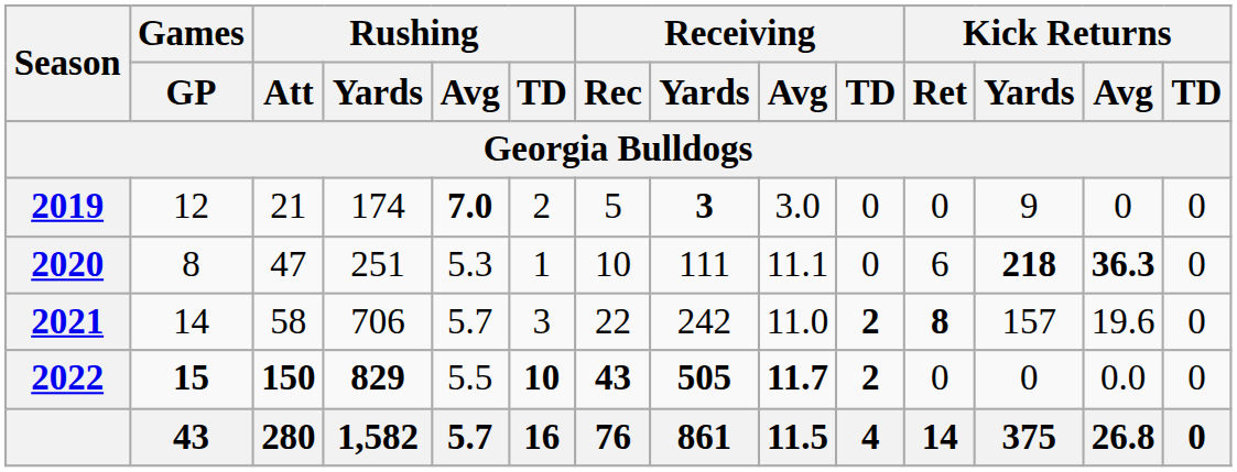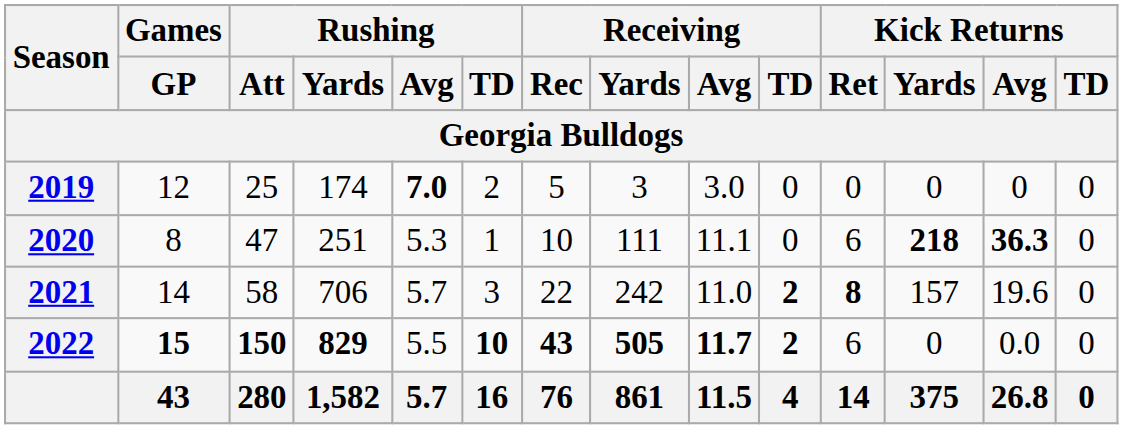 <table class="wikitable" style="text-align:center;">
 <tr>
 <th rowspan="2">Season</th>
 <th>Games</th>
 <th colspan="4">Rushing</th>
 <th colspan="4">Receiving</th>
 <th colspan="4">Kick Returns</th>
 </tr>
 <tr>
 <th>GP</th>
 <th>Att</th>
 <th>Yards</th>
 <th>Avg</th>
 <th>TD</th>
 <th>Rec</th>
 <th>Yards</th>
 <th>Avg</th>
 <th>TD</th>
 <th>Ret</th>
 <th>Yards</th>
 <th>Avg</th>
 <th>TD</th>
 </tr>
 <tr>
 <th colspan="15">Georgia Bulldogs</th>
 </tr>
 <tr>
 <th><a href='#'>2019</a></th>
 <td>12</td>
-<td>21</td>
+<td>25</td>
 <td>174</td>
 <td><strong>7.0</strong></td>
 <td>2</td>
 <td>5</td>
-<td><strong>3</strong></td>
+<td>3</td>
 <td>3.0</td>
 <td>0</td>
 <td>0</td>
-<td>9</td>
+<td>0</td>
 <td>0</td>
 <td>0</td>
 </tr>
 <tr>
 <th><a href='#'>2020</a></th>
 <td>8</td>
 <td>47</td>
 <td>251</td>
 <td>5.3</td>
 <td>1</td>
 <td>10</td>
 <td>111</td>
 <td>11.1</td>
 <td>0</td>
 <td>6</td>
 <td><strong>218</strong></td>
 <td><strong>36.3</strong></td>
 <td>0</td>
 </tr>
 <tr>
 <th><a href='#'>2021</a></th>
 <td>14</td>
 <td>58</td>
 <td>706</td>
 <td>5.7</td>
 <td>3</td>
 <td>22</td>
 <td>242</td>
 <td>11.0</td>
 <td><strong>2</strong></td>
 <td><strong>8</strong></td>
 <td>157</td>
 <td>19.6</td>
 <td>0</td>
 </tr>
 <tr>
 <th><a href='#'>2022</a></th>
 <td><strong>15</strong></td>
 <td><strong>150</strong></td>
 <td><strong>829</strong></td>
 <td>5.5</td>
 <td><strong>10</strong></td>
 <td><strong>43</strong></td>
 <td><strong>505</strong></td>
 <td><strong>11.7</strong></td>
 <td><strong>2</strong></td>
-<td>0</td>
+<td>6</td>
 <td>0</td>
 <td>0.0</td>
 <td>0</td>
 </tr>
 <tr>
 <th></th>
 <th>43</th>
 <th>280</th>
 <th>1,582</th>
 <th>5.7</th>
 <th>16</th>
 <th>76</th>
 <th>861</th>
 <th>11.5</th>
 <th>4</th>
 <th>14</th>
 <th>375</th>
 <th>26.8</th>
 <th>0</th>
 </tr>
 </table>
